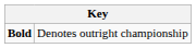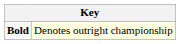 <table class="wikitable">
 <tr>
 <th colspan="10"><strong>Key</strong></th>
 </tr>
 <tr>
 <td><strong>Bold</strong></td>
-<td>Denotes outright championship</td>
+<td style="background: lightyellow;">Denotes outright championship</td>
 </tr>
 </table>
